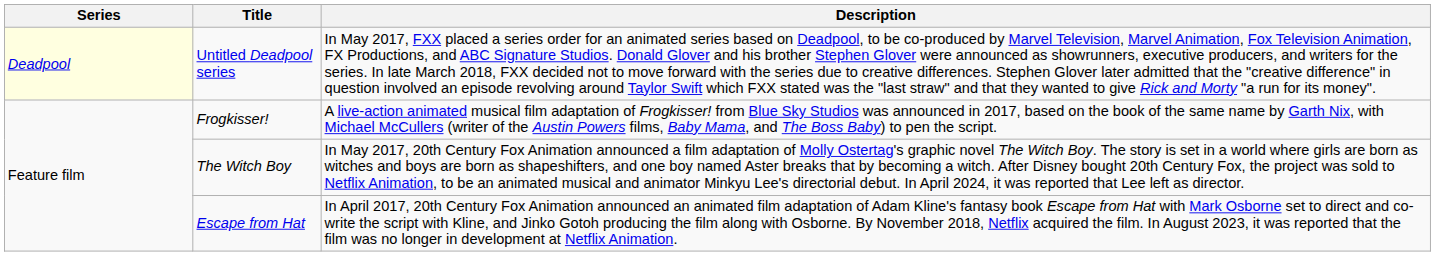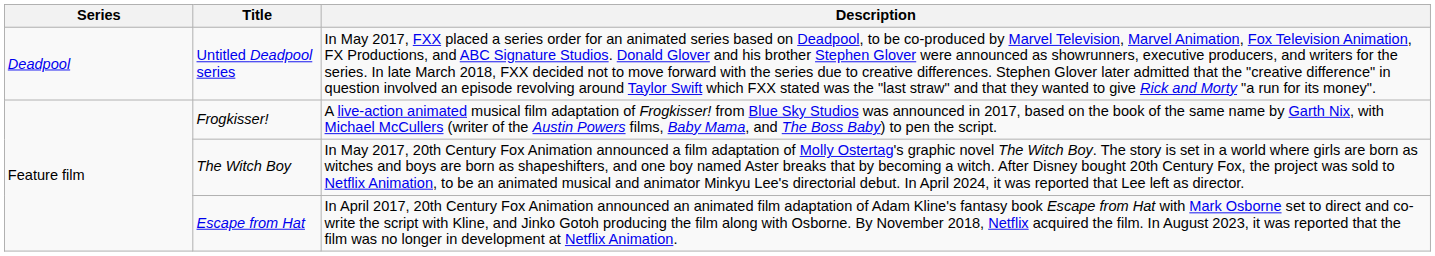 <table class="wikitable">
 <tr>
 <th style="width:150pt;">Series</th>
 <th style="width:100pt;">Title</th>
 <th>Description</th>
 </tr>
 <tr>
-<td style="background: lightyellow;"><em><a href='#'>Deadpool</a></em></td>
+<td><em><a href='#'>Deadpool</a></em></td>
 <td><a href='#'>Untitled <em>Deadpool</em> series</a></td>
 <td>In May 2017, <a href='#'>FXX</a> placed a series order for an animated series based on <a href='#'>Deadpool</a>, to be co-produced by <a href='#'>Marvel Television</a>, <a href='#'>Marvel Animation</a>, <a href='#'>Fox Television Animation</a>, FX Productions, and <a href='#'>ABC Signature Studios</a>. <a href='#'>Donald Glover</a> and his brother <a href='#'>Stephen Glover</a> were announced as showrunners, executive producers, and writers for the series. In late March 2018, FXX decided not to move forward with the series due to creative differences. Stephen Glover later admitted that the "creative difference" in question involved an episode revolving around <a href='#'>Taylor Swift</a> which FXX stated was the "last straw" and that they wanted to give <em><a href='#'>Rick and Morty</a></em> "a run for its money".</td>
 </tr>
 <tr>
 <td rowspan="3">Feature film</td>
 <td><em>Frogkisser!</em></td>
 <td>A <a href='#'>live-action animated</a> musical film adaptation of <em>Frogkisser!</em> from <a href='#'>Blue Sky Studios</a> was announced in 2017, based on the book of the same name by <a href='#'>Garth Nix</a>, with <a href='#'>Michael McCullers</a> (writer of the <em><a href='#'>Austin Powers</a></em> films, <em><a href='#'>Baby Mama</a></em>, and <em><a href='#'>The Boss Baby</a></em>) to pen the script.</td>
 </tr>
 <tr>
 <td><em>The Witch Boy</em></td>
 <td>In May 2017, 20th Century Fox Animation announced a film adaptation of <a href='#'>Molly Ostertag</a>'s graphic novel <em>The Witch Boy</em>. The story is set in a world where girls are born as witches and boys are born as shapeshifters, and one boy named Aster breaks that by becoming a witch. After Disney bought 20th Century Fox, the project was sold to <a href='#'>Netflix Animation</a>, to be an animated musical and animator Minkyu Lee's directorial debut. In April 2024, it was reported that Lee left as director.</td>
 </tr>
 <tr>
 <td><em><a href='#'>Escape from Hat</a></em></td>
 <td>In April 2017, 20th Century Fox Animation announced an animated film adaptation of Adam Kline's fantasy book <em>Escape from Hat</em> with <a href='#'>Mark Osborne</a> set to direct and co-write the script with Kline, and Jinko Gotoh producing the film along with Osborne. By November 2018, <a href='#'>Netflix</a> acquired the film. In August 2023, it was reported that the film was no longer in development at <a href='#'>Netflix Animation</a>.</td>
 </tr>
 </table>
